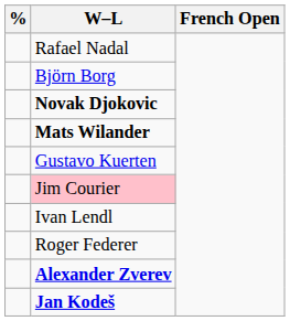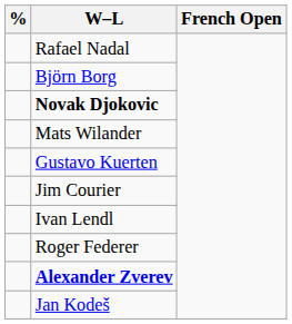 <table class="wikitable" style="display:inline-table;">
 <tr>
 <th>%</th>
 <th>W–L</th>
 <th>French Open</th>
 </tr>
 <tr>
 <td></td>
 <td> Rafael Nadal</td>
 </tr>
 <tr>
 <td></td>
 <td> <a href='#'>Björn Borg</a></td>
 </tr>
 <tr>
 <td></td>
 <td><strong> Novak Djokovic</strong></td>
 </tr>
 <tr>
 <td></td>
-<td><strong> Mats Wilander</strong></td>
+<td> Mats Wilander</td>
 </tr>
 <tr>
 <td></td>
 <td> <a href='#'>Gustavo Kuerten</a></td>
 </tr>
 <tr>
 <td></td>
-<td style="background: pink;"> Jim Courier</td>
+<td> Jim Courier</td>
 </tr>
 <tr>
 <td></td>
 <td> Ivan Lendl</td>
 </tr>
 <tr>
 <td></td>
 <td> Roger Federer</td>
 </tr>
 <tr>
 <td></td>
 <td><strong> <a href='#'>Alexander Zverev</a></strong></td>
 </tr>
 <tr>
 <td></td>
-<td><strong> <a href='#'>Jan Kodeš</a></strong></td>
+<td> <a href='#'>Jan Kodeš</a></td>
 </tr>
 </table>
